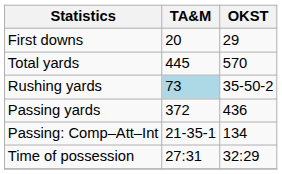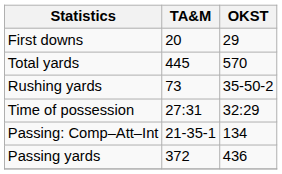 <table class="wikitable" style="float: left;">
 <tr>
 <th>Statistics</th>
 <th>TA&M</th>
 <th>OKST</th>
 </tr>
 <tr>
 <td>First downs</td>
 <td>20</td>
 <td>29</td>
 </tr>
 <tr>
 <td>Total yards</td>
 <td>445</td>
 <td>570</td>
 </tr>
 <tr>
 <td>Rushing yards</td>
-<td style="background: lightblue;">73</td>
+<td>73</td>
 <td>35-50-2</td>
+</tr>
+<tr>
+<td>Time of possession</td>
+<td>27:31</td>
+<td>32:29</td>
+</tr>
+<tr>
+<td>Passing: Comp–Att–Int</td>
+<td>21-35-1</td>
+<td>134</td>
 </tr>
 <tr>
 <td>Passing yards</td>
 <td>372</td>
 <td>436</td>
 </tr>
 <tr>
-<td>Passing: Comp–Att–Int</td>
-<td>21-35-1</td>
-<td>134</td>
-</tr>
-<tr>
-<td>Time of possession</td>
-<td>27:31</td>
-<td>32:29</td>
-</tr>
-<tr>
 </tr>
 </table>
